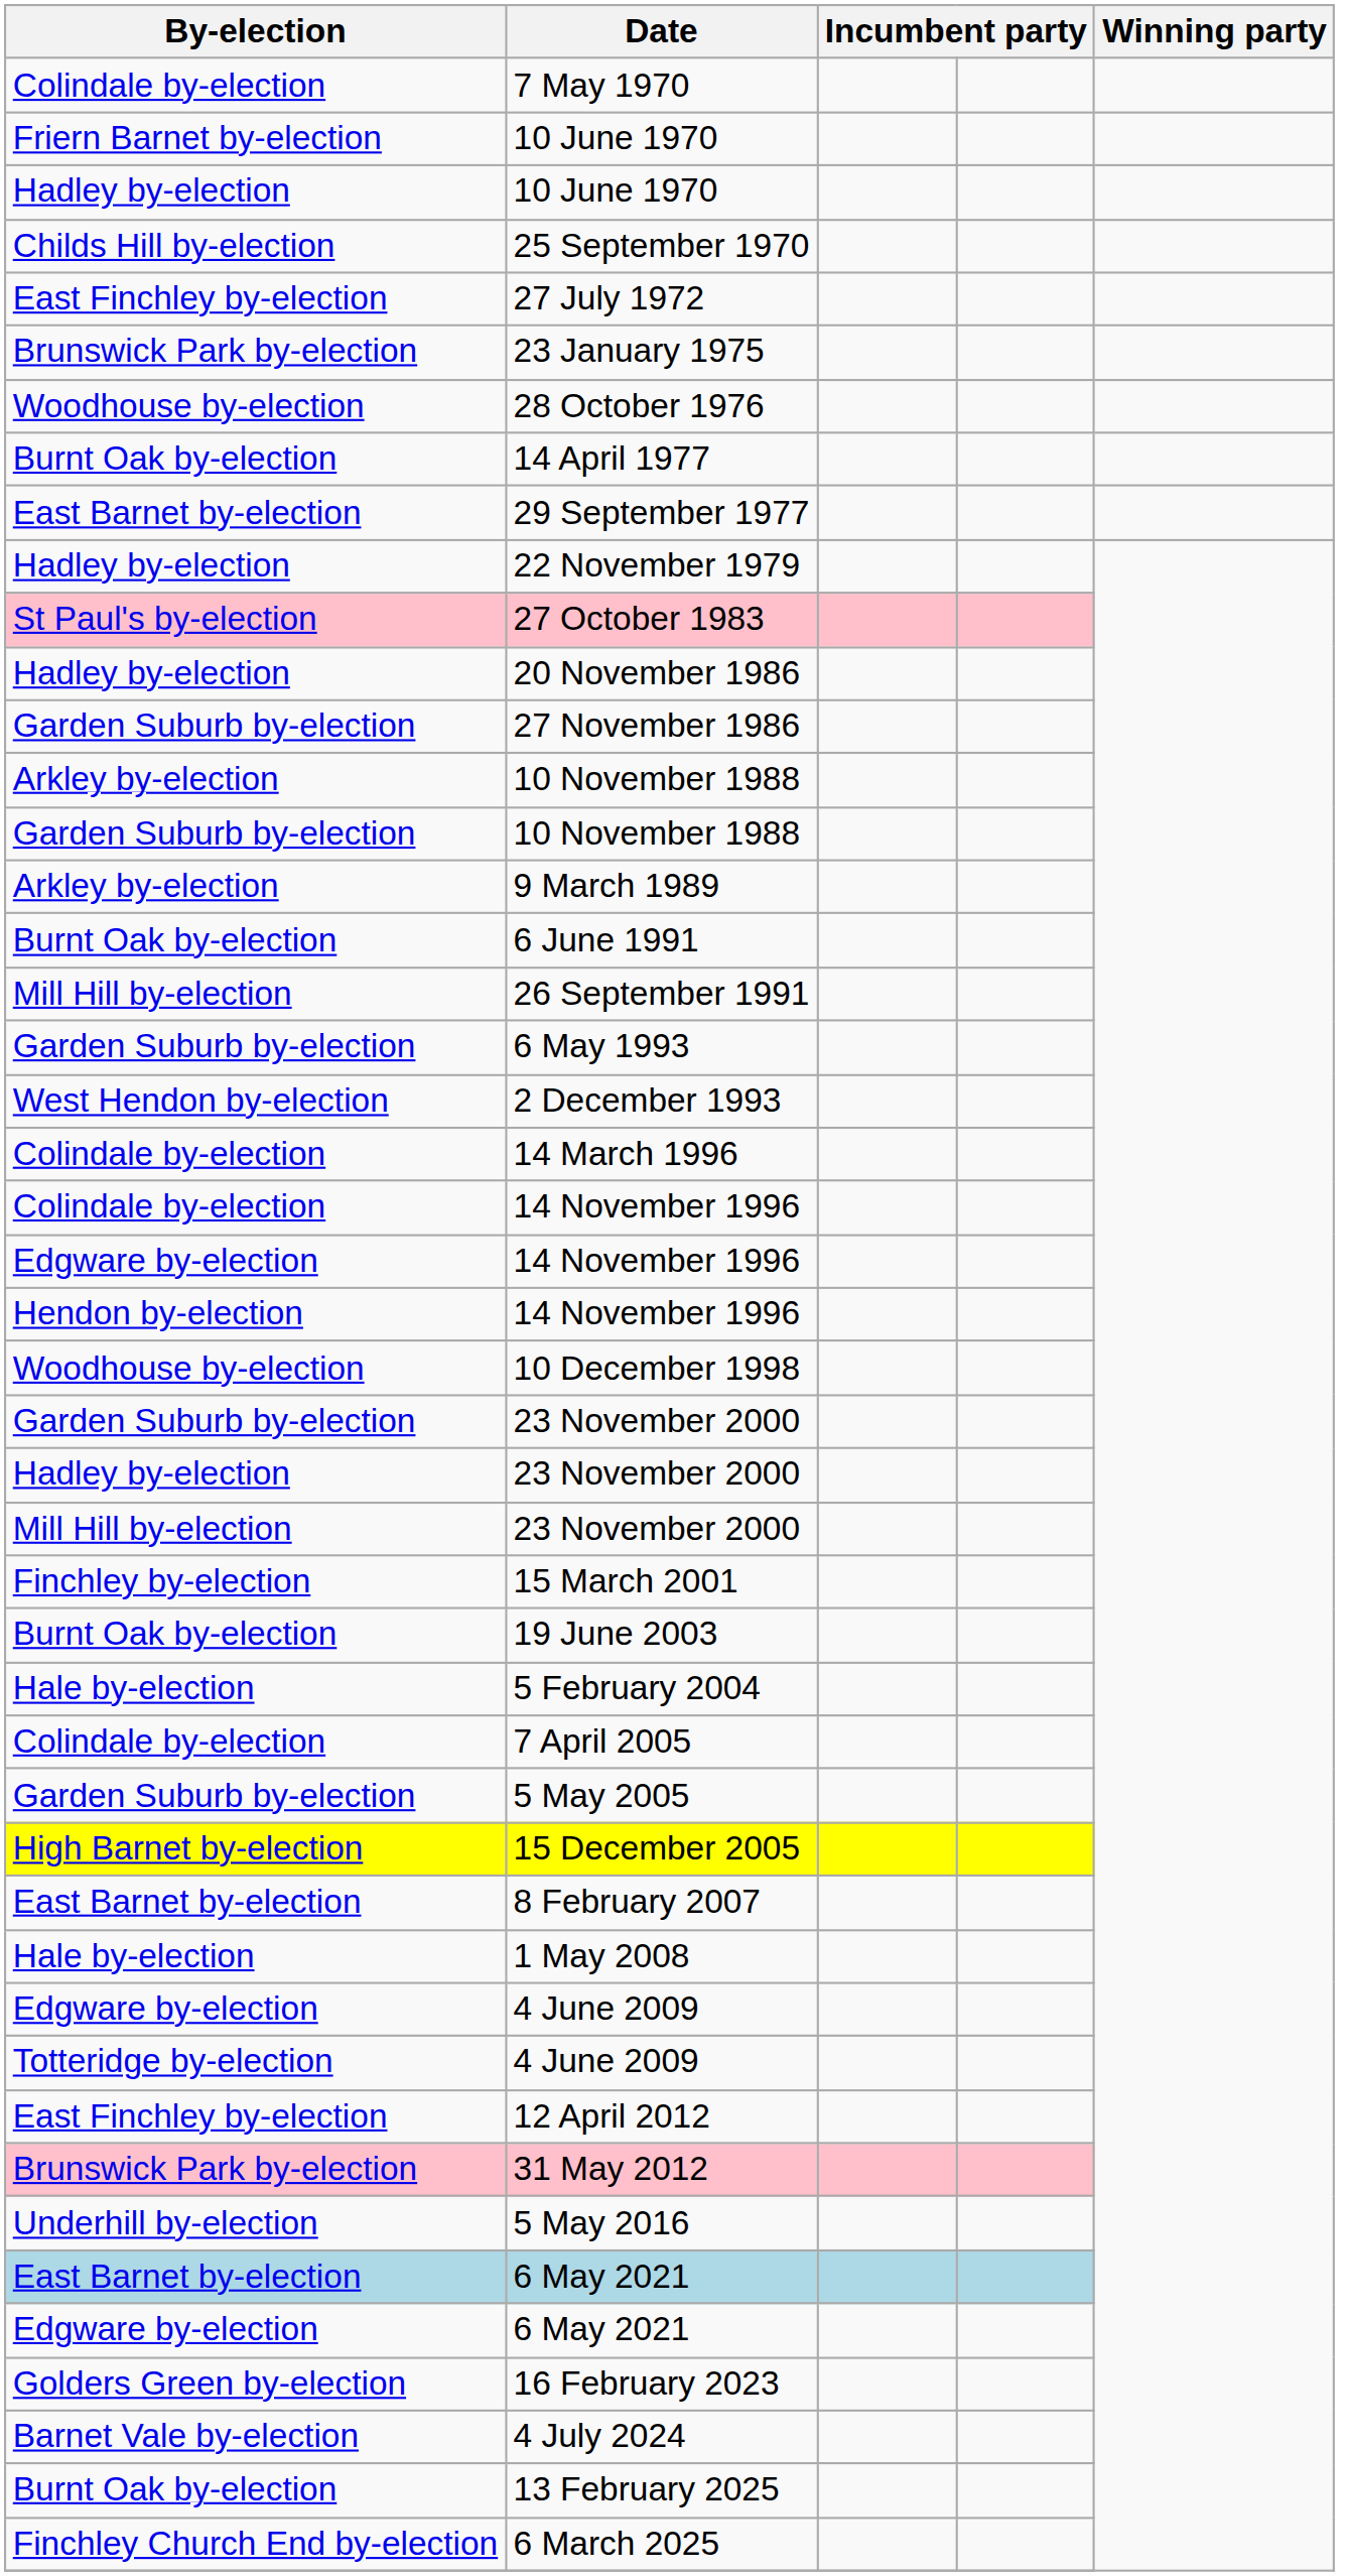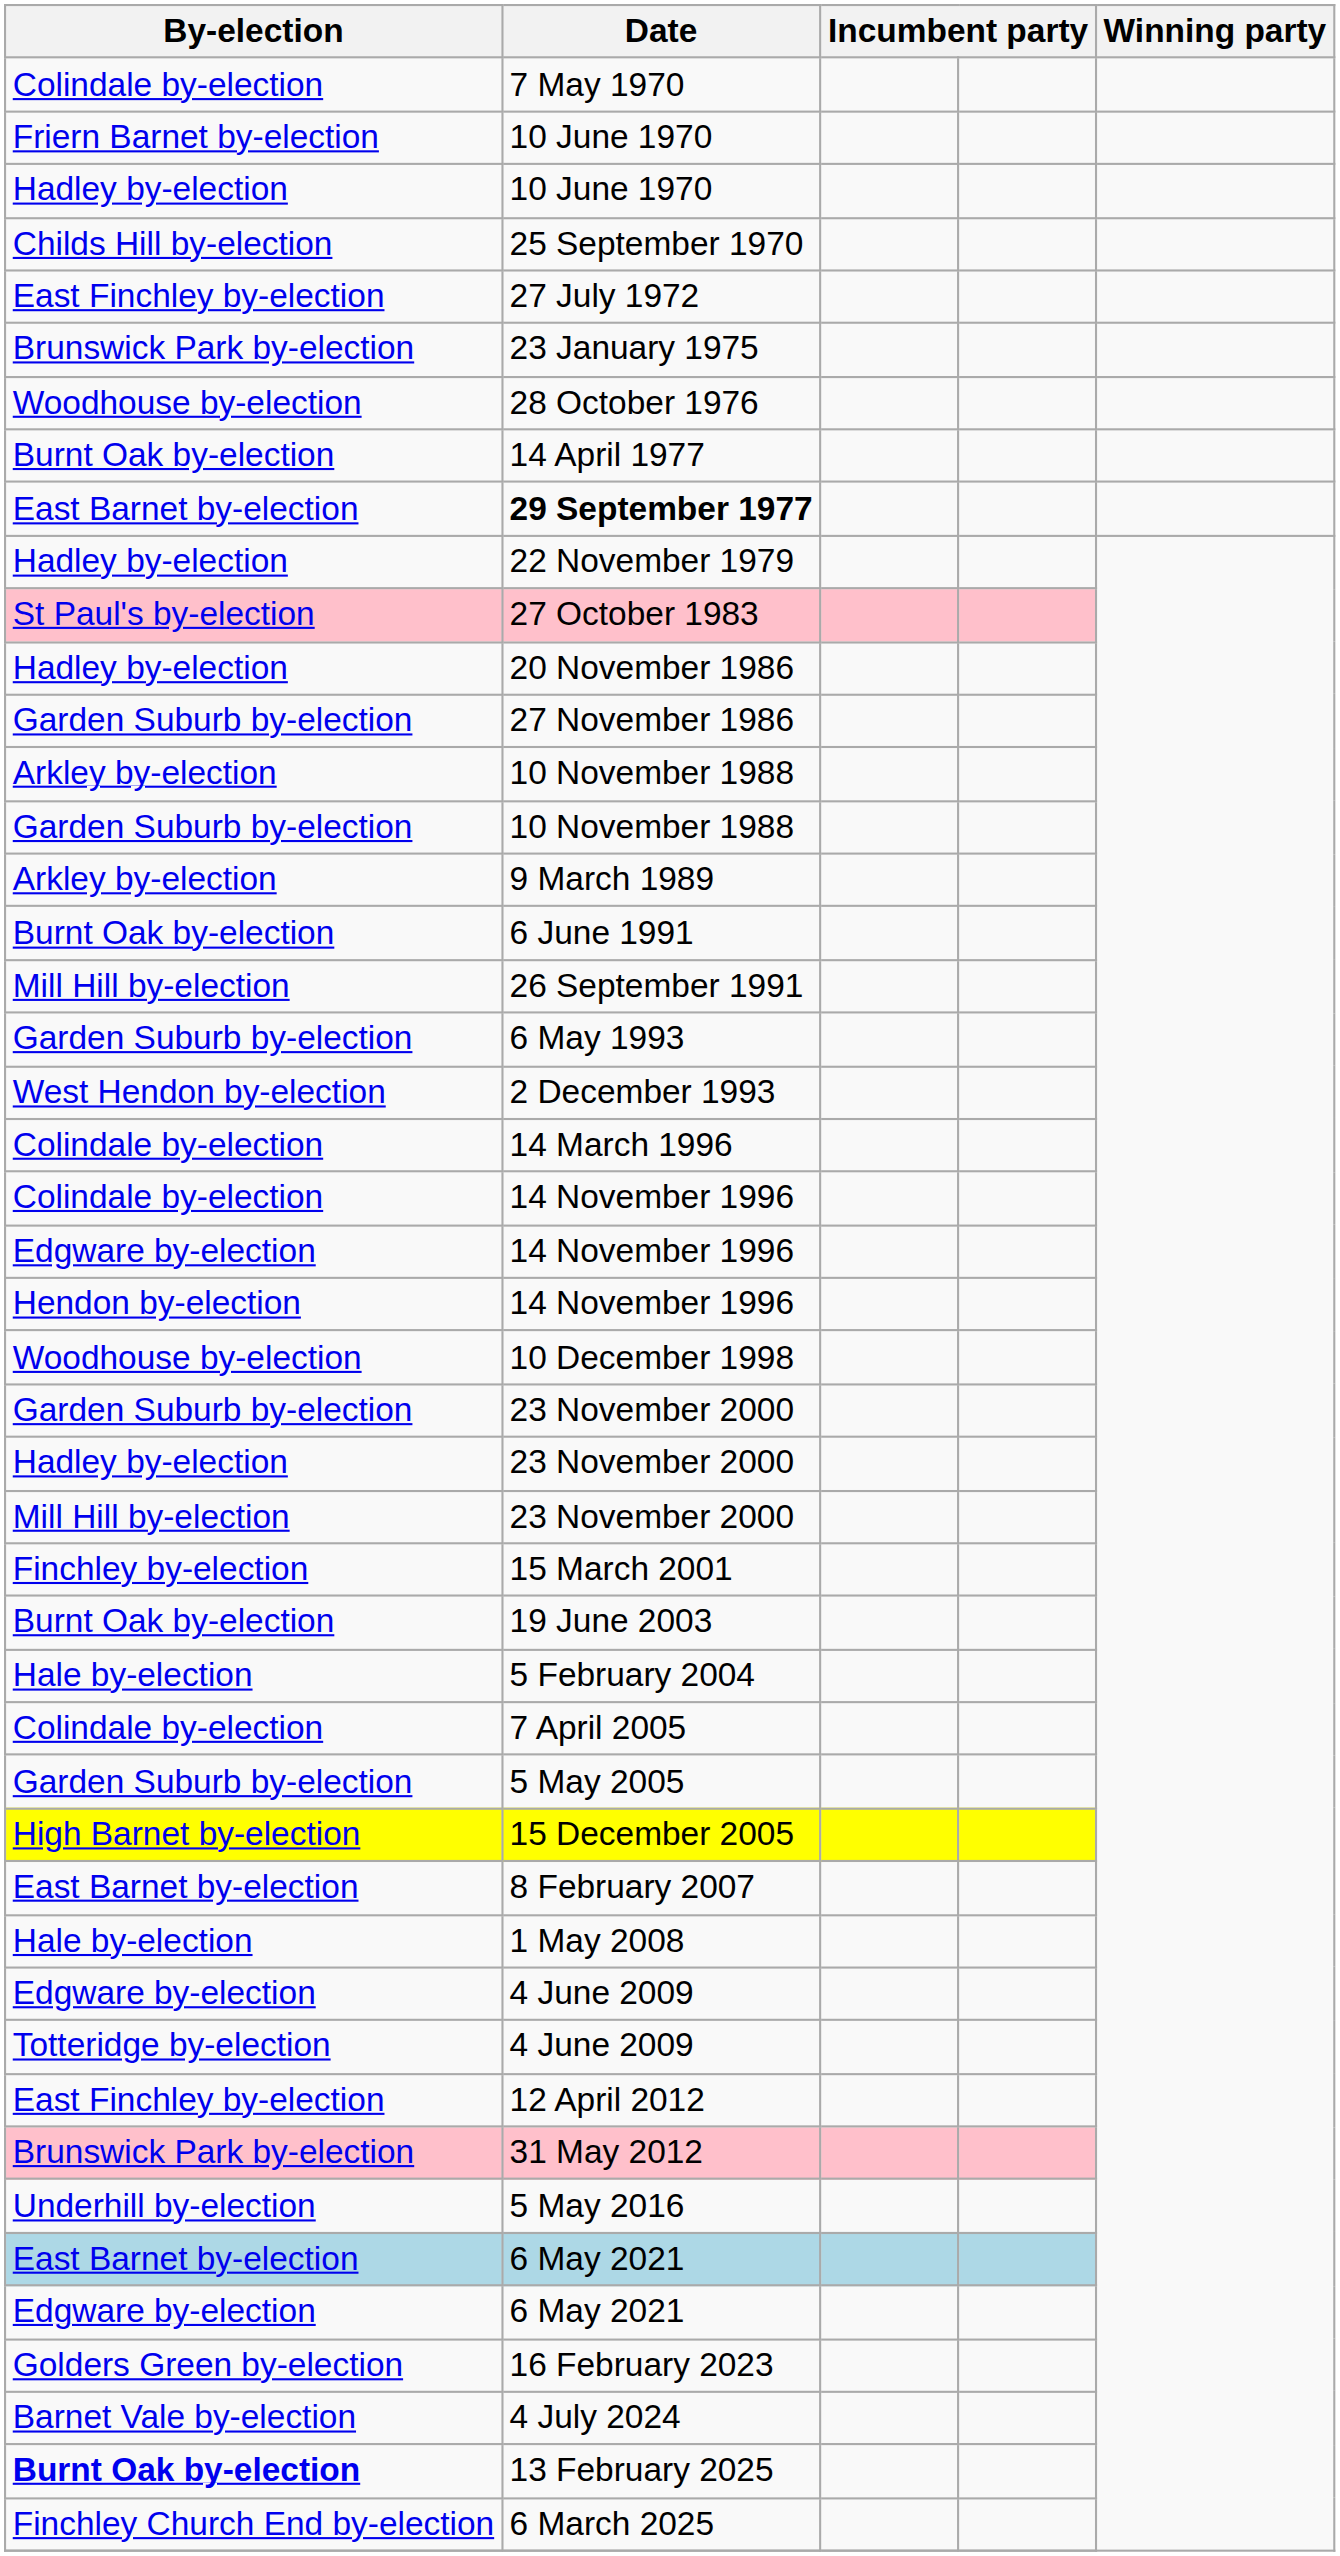 <table class="wikitable">
 <tr>
 <th>By-election</th>
 <th>Date</th>
 <th colspan=2>Incumbent party</th>
 <th colspan=2>Winning party</th>
 </tr>
 <tr bgcolor=>
 <td><a href='#'>Colindale by-election</a></td>
 <td>7 May 1970</td>
 <td></td>
 <td></td>
 <td></td>
 </tr>
 <tr bgcolor=>
 <td><a href='#'>Friern Barnet by-election</a></td>
 <td>10 June 1970</td>
 <td></td>
 <td></td>
 <td></td>
 </tr>
 <tr bgcolor=>
 <td><a href='#'>Hadley by-election</a></td>
 <td>10 June 1970</td>
 <td></td>
 <td></td>
 <td></td>
 </tr>
 <tr bgcolor=>
 <td><a href='#'>Childs Hill by-election</a></td>
 <td>25 September 1970</td>
 <td></td>
 <td></td>
 <td></td>
 </tr>
 <tr bgcolor=>
 <td><a href='#'>East Finchley by-election</a></td>
 <td>27 July 1972</td>
 <td></td>
 <td></td>
 <td></td>
 </tr>
 <tr bgcolor=>
 <td><a href='#'>Brunswick Park by-election</a></td>
 <td>23 January 1975</td>
 <td></td>
 <td></td>
 <td></td>
 </tr>
 <tr bgcolor=>
 <td><a href='#'>Woodhouse by-election</a></td>
 <td>28 October 1976</td>
 <td></td>
 <td></td>
 <td></td>
 </tr>
 <tr bgcolor=>
 <td><a href='#'>Burnt Oak by-election</a></td>
 <td>14 April 1977</td>
 <td></td>
 <td></td>
 <td></td>
 </tr>
 <tr bgcolor=>
 <td><a href='#'>East Barnet by-election</a></td>
-<td>29 September 1977</td>
+<td><strong>29 September 1977</strong></td>
 <td></td>
 <td></td>
 <td></td>
 </tr>
 <tr bgcolor=>
 <td><a href='#'>Hadley by-election</a></td>
 <td>22 November 1979</td>
 <td></td>
 <td></td>
 </tr>
 <tr bgcolor=pink>
 <td><a href='#'>St Paul's by-election</a></td>
 <td>27 October 1983</td>
 <td></td>
 <td></td>
 </tr>
 <tr bgcolor=>
 <td><a href='#'>Hadley by-election</a></td>
 <td>20 November 1986</td>
 <td></td>
 <td></td>
 </tr>
 <tr bgcolor=>
 <td><a href='#'>Garden Suburb by-election</a></td>
 <td>27 November 1986</td>
 <td></td>
 <td></td>
 </tr>
 <tr bgcolor=>
 <td><a href='#'>Arkley by-election</a></td>
 <td>10 November 1988</td>
 <td></td>
 <td></td>
 </tr>
 <tr bgcolor=>
 <td><a href='#'>Garden Suburb by-election</a></td>
 <td>10 November 1988</td>
 <td></td>
 <td></td>
 </tr>
 <tr bgcolor=>
 <td><a href='#'>Arkley by-election</a></td>
 <td>9 March 1989</td>
 <td></td>
 <td></td>
 </tr>
 <tr bgcolor=>
 <td><a href='#'>Burnt Oak by-election</a></td>
 <td>6 June 1991</td>
 <td></td>
 <td></td>
 </tr>
 <tr bgcolor=>
 <td><a href='#'>Mill Hill by-election</a></td>
 <td>26 September 1991</td>
 <td></td>
 <td></td>
 </tr>
 <tr bgcolor=>
 <td><a href='#'>Garden Suburb by-election</a></td>
 <td>6 May 1993</td>
 <td></td>
 <td></td>
 </tr>
 <tr bgcolor=>
 <td><a href='#'>West Hendon by-election</a></td>
 <td>2 December 1993</td>
 <td></td>
 <td></td>
 </tr>
 <tr bgcolor=>
 <td><a href='#'>Colindale by-election</a></td>
 <td>14 March 1996</td>
 <td></td>
 <td></td>
 </tr>
 <tr bgcolor=>
 <td><a href='#'>Colindale by-election</a></td>
 <td>14 November 1996</td>
 <td></td>
 <td></td>
 </tr>
 <tr bgcolor=>
 <td><a href='#'>Edgware by-election</a></td>
 <td>14 November 1996</td>
 <td></td>
 <td></td>
 </tr>
 <tr bgcolor=>
 <td><a href='#'>Hendon by-election</a></td>
 <td>14 November 1996</td>
 <td></td>
 <td></td>
 </tr>
 <tr bgcolor=>
 <td><a href='#'>Woodhouse by-election</a></td>
 <td>10 December 1998</td>
 <td></td>
 <td></td>
 </tr>
 <tr bgcolor=>
 <td><a href='#'>Garden Suburb by-election</a></td>
 <td>23 November 2000</td>
 <td></td>
 <td></td>
 </tr>
 <tr bgcolor=>
 <td><a href='#'>Hadley by-election</a></td>
 <td>23 November 2000</td>
 <td></td>
 <td></td>
 </tr>
 <tr bgcolor=>
 <td><a href='#'>Mill Hill by-election</a></td>
 <td>23 November 2000</td>
 <td></td>
 <td></td>
 </tr>
 <tr bgcolor=>
 <td><a href='#'>Finchley by-election</a></td>
 <td>15 March 2001</td>
 <td></td>
 <td></td>
 </tr>
 <tr bgcolor=>
 <td><a href='#'>Burnt Oak by-election</a></td>
 <td>19 June 2003</td>
 <td></td>
 <td></td>
 </tr>
 <tr bgcolor=>
 <td><a href='#'>Hale by-election</a></td>
 <td>5 February 2004</td>
 <td></td>
 <td></td>
 </tr>
 <tr bgcolor=>
 <td><a href='#'>Colindale by-election</a></td>
 <td>7 April 2005</td>
 <td></td>
 <td></td>
 </tr>
 <tr bgcolor=>
 <td><a href='#'>Garden Suburb by-election</a></td>
 <td>5 May 2005</td>
 <td></td>
 <td></td>
 </tr>
 <tr bgcolor=yellow>
 <td><a href='#'>High Barnet by-election</a></td>
 <td>15 December 2005</td>
 <td></td>
 <td></td>
 </tr>
 <tr bgcolor=>
 <td><a href='#'>East Barnet by-election</a></td>
 <td>8 February 2007</td>
 <td></td>
 <td></td>
 </tr>
 <tr bgcolor=>
 <td><a href='#'>Hale by-election</a></td>
 <td>1 May 2008</td>
 <td></td>
 <td></td>
 </tr>
 <tr bgcolor=>
 <td><a href='#'>Edgware by-election</a></td>
 <td>4 June 2009</td>
 <td></td>
 <td></td>
 </tr>
 <tr bgcolor=>
 <td><a href='#'>Totteridge by-election</a></td>
 <td>4 June 2009</td>
 <td></td>
 <td></td>
 </tr>
 <tr bgcolor=>
 <td><a href='#'>East Finchley by-election</a></td>
 <td>12 April 2012</td>
 <td></td>
 <td></td>
 </tr>
 <tr bgcolor=pink>
 <td><a href='#'>Brunswick Park by-election</a></td>
 <td>31 May 2012</td>
 <td></td>
 <td></td>
 </tr>
 <tr bgcolor=>
 <td><a href='#'>Underhill by-election</a></td>
 <td>5 May 2016</td>
 <td></td>
 <td></td>
 </tr>
 <tr bgcolor=lightblue>
 <td><a href='#'>East Barnet by-election</a></td>
 <td>6 May 2021</td>
 <td></td>
 <td></td>
 </tr>
 <tr bgcolor=>
 <td><a href='#'>Edgware by-election</a></td>
 <td>6 May 2021</td>
 <td></td>
 <td></td>
 </tr>
 <tr bgcolor=>
 <td><a href='#'>Golders Green by-election</a></td>
 <td>16 February 2023</td>
 <td></td>
 <td></td>
 </tr>
 <tr bgcolor=>
 <td><a href='#'>Barnet Vale by-election</a></td>
 <td>4 July 2024</td>
 <td></td>
 <td></td>
 </tr>
 <tr bgcolor=>
-<td><a href='#'>Burnt Oak by-election</a></td>
+<td><strong><a href='#'>Burnt Oak by-election</a></strong></td>
 <td>13 February 2025</td>
 <td></td>
 <td></td>
 </tr>
 <tr bgcolor=>
 <td><a href='#'>Finchley Church End by-election</a></td>
 <td>6 March 2025</td>
 <td></td>
 <td></td>
 </tr>
 <tr bgcolor=>
 </tr>
 </table>
